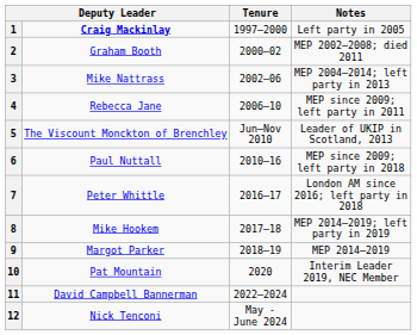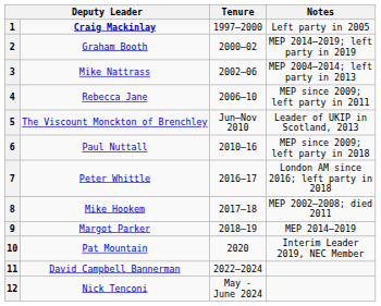 <table class="wikitable" style="text-align:center">
 <tr>
 <th colspan="2" style="width:20px;">Deputy Leader</th>
 <th style="width:75px;">Tenure</th>
 <th style="width:150px;">Notes</th>
 </tr>
 <tr>
 <th style="background:">1</th>
 <td><strong><a href='#'>Craig Mackinlay</a></strong></td>
 <td>1997–2000</td>
 <td>Left party in 2005</td>
 </tr>
 <tr>
 <th style="background:">2</th>
 <td><a href='#'>Graham Booth</a></td>
 <td>2000–02</td>
-<td>MEP 2002–2008; died 2011</td>
+<td>MEP 2014–2019; left party in 2019</td>
 </tr>
 <tr>
 <th style="background:">3</th>
 <td><a href='#'>Mike Nattrass</a></td>
 <td>2002–06</td>
 <td>MEP 2004–2014; left party in 2013</td>
 </tr>
 <tr>
 <th style="background:">4</th>
 <td><a href='#'>Rebecca Jane</a></td>
 <td>2006–10</td>
 <td>MEP since 2009; left party in 2011</td>
 </tr>
 <tr>
 <th style="background:">5</th>
 <td><a href='#'>The Viscount Monckton of Brenchley</a></td>
 <td>Jun–Nov 2010</td>
 <td>Leader of UKIP in Scotland, 2013</td>
 </tr>
 <tr>
 <th style="background:">6</th>
 <td><a href='#'>Paul Nuttall</a></td>
 <td>2010–16</td>
 <td>MEP since 2009; left party in 2018</td>
 </tr>
 <tr>
 <th style="background:">7</th>
 <td><a href='#'>Peter Whittle</a></td>
 <td>2016–17</td>
 <td>London AM since 2016; left party in 2018</td>
 </tr>
 <tr>
 <th style="background:">8</th>
 <td><a href='#'>Mike Hookem</a></td>
 <td>2017–18</td>
-<td>MEP 2014–2019; left party in 2019</td>
+<td>MEP 2002–2008; died 2011</td>
 </tr>
 <tr>
 <th style="background:">9</th>
 <td><a href='#'>Margot Parker</a></td>
 <td>2018–19</td>
 <td>MEP 2014–2019</td>
 </tr>
 <tr>
 <th style="background:">10</th>
 <td><a href='#'>Pat Mountain</a></td>
 <td>2020</td>
 <td>Interim Leader 2019, NEC Member</td>
 </tr>
 <tr>
 <th style="background:">11</th>
 <td><a href='#'>David Campbell Bannerman</a></td>
 <td>2022–2024</td>
 <td></td>
 </tr>
 <tr>
 <th style="background:">12</th>
 <td><a href='#'>Nick Tenconi</a></td>
 <td>May - June 2024</td>
 <td></td>
 </tr>
 </table>
